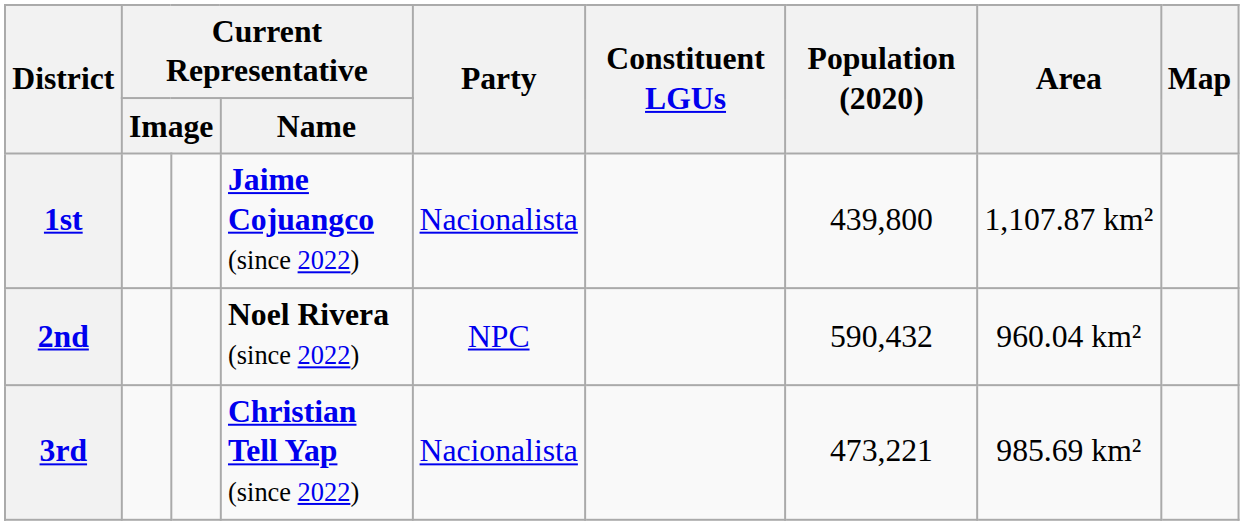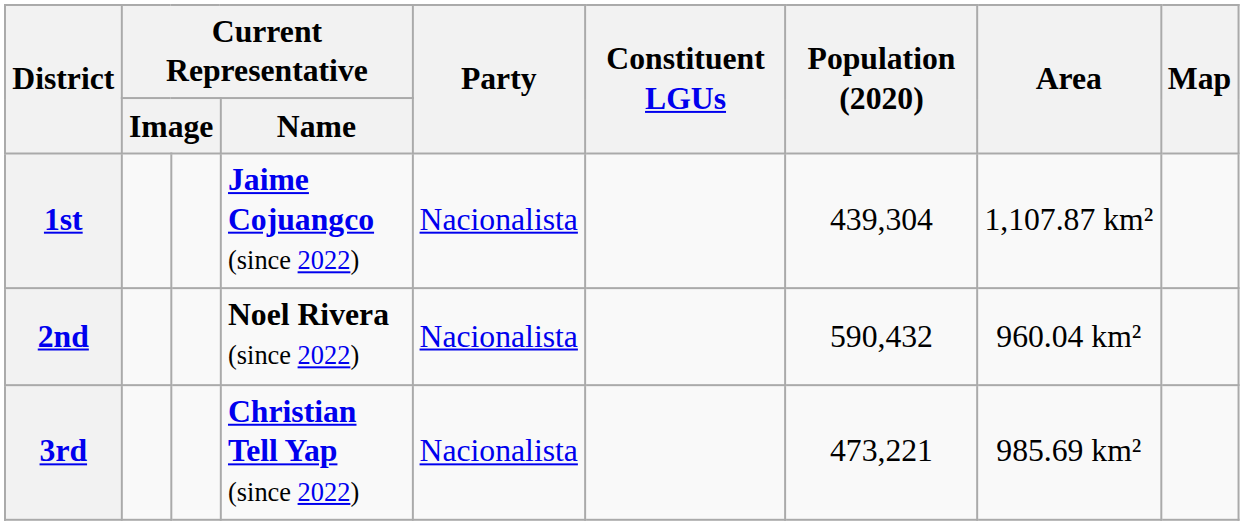 <table class="wikitable sortable" style="margin: 1em auto; font-size:100%; line-height:20px; text-align:center">
 <tr>
 <th rowspan="2">District</th>
 <th colspan="3">Current Representative</th>
 <th rowspan="2">Party</th>
 <th rowspan="2">Constituent <a href='#'>LGUs</a></th>
 <th rowspan="2">Population (2020)</th>
 <th rowspan="2">Area</th>
 <th rowspan="2">Map</th>
 </tr>
 <tr>
 <th colspan="2">Image</th>
 <th>Name</th>
 </tr>
 <tr>
 <th><a href='#'>1st</a></th>
 <td style="background:"></td>
 <td></td>
 <td style="text-align:left;"><strong><a href='#'>Jaime Cojuangco</a></strong><br><small>(since <a href='#'>2022</a>)</small></td>
 <td><a href='#'>Nacionalista</a></td>
 <td></td>
-<td>439,800</td>
+<td>439,304</td>
 <td>1,107.87 km²</td>
 <td></td>
 </tr>
 <tr>
 <th><a href='#'>2nd</a></th>
 <td style="background:"></td>
 <td></td>
 <td style="text-align:left;"><strong>Noel Rivera</strong><br><small>(since <a href='#'>2022</a>)</small></td>
-<td><a href='#'>NPC</a></td>
+<td><a href='#'>Nacionalista</a></td>
 <td></td>
 <td>590,432</td>
 <td>960.04 km²</td>
 <td></td>
 </tr>
 <tr>
 <th><a href='#'>3rd</a></th>
 <td style="background:"></td>
 <td></td>
 <td style="text-align:left;"><strong><a href='#'>Christian Tell Yap</a></strong><br><small>(since <a href='#'>2022</a>)</small></td>
 <td><a href='#'>Nacionalista</a></td>
 <td></td>
 <td>473,221</td>
 <td>985.69 km²</td>
 <td></td>
 </tr>
 </table>
